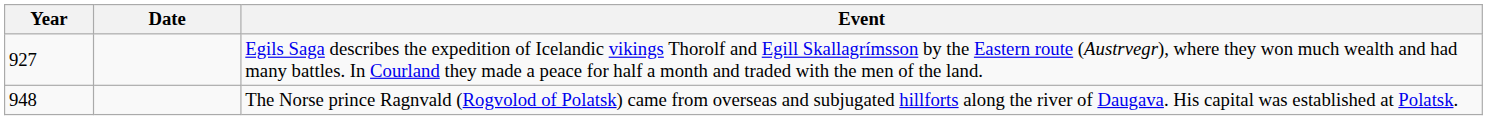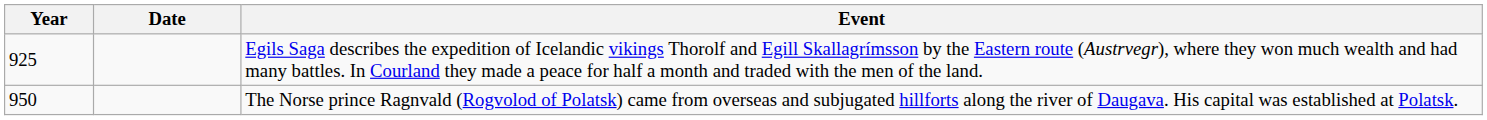 <table class="wikitable" width="100%">
 <tr>
 <th style="width:6%">Year</th>
 <th style="width:10%">Date</th>
 <th>Event</th>
 </tr>
 <tr>
-<td>927</td>
+<td>925</td>
 <td></td>
 <td><a href='#'>Egils Saga</a> describes the expedition of Icelandic <a href='#'>vikings</a> Thorolf and <a href='#'>Egill Skallagrímsson</a> by the <a href='#'>Eastern route</a> (<em>Austrvegr</em>), where they won much wealth and had many battles. In <a href='#'>Courland</a> they made a peace for half a month and traded with the men of the land.</td>
 </tr>
 <tr>
-<td>948</td>
+<td>950</td>
 <td></td>
 <td>The Norse prince Ragnvald (<a href='#'>Rogvolod of Polatsk</a>) came from overseas and subjugated <a href='#'>hillforts</a> along the river of <a href='#'>Daugava</a>. His capital was established at <a href='#'>Polatsk</a>.</td>
 </tr>
 </table>
